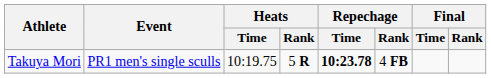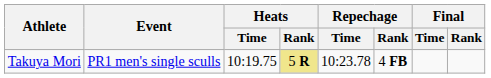 <table class="wikitable" style="font-size:90%">
 <tr>
 <th rowspan=2>Athlete</th>
 <th rowspan=2>Event</th>
 <th colspan=2>Heats</th>
 <th colspan=2>Repechage</th>
 <th colspan=2>Final</th>
 </tr>
 <tr style="font-size:95%">
 <th>Time</th>
 <th>Rank</th>
 <th>Time</th>
 <th>Rank</th>
 <th>Time</th>
 <th>Rank</th>
 </tr>
 <tr align=center>
 <td align=left><a href='#'>Takuya Mori</a></td>
 <td align=left><a href='#'>PR1 men's single sculls</a></td>
 <td>10:19.75</td>
-<td>5 <strong>R</strong></td>
-<td><strong>10:23.78</strong></td>
+<td style="background: khaki;">5 <strong>R</strong></td>
+<td>10:23.78</td>
 <td>4 <strong>FB</strong></td>
 <td></td>
 <td></td>
 </tr>
 </table>
